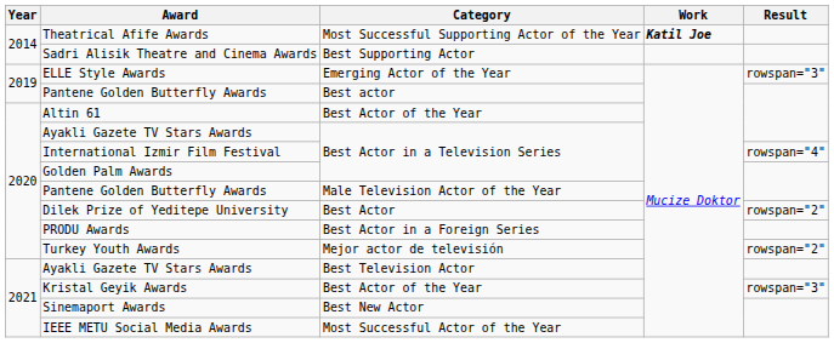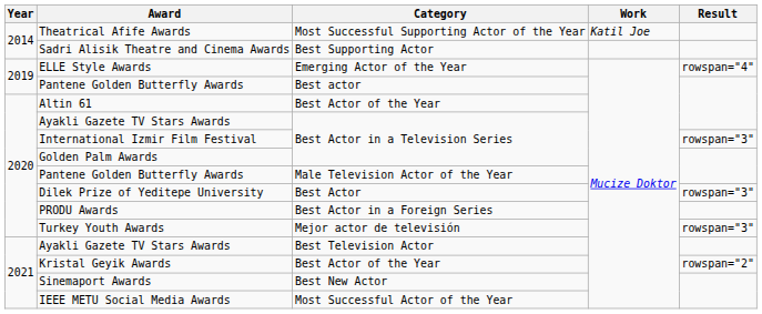 <table class="wikitable">
 <tr>
 <th>Year</th>
 <th>Award</th>
 <th>Category</th>
 <th>Work</th>
 <th>Result</th>
 </tr>
 <tr>
 <td rowspan="2">2014</td>
 <td>Theatrical Afife Awards</td>
 <td>Most Successful Supporting Actor of the Year</td>
-<td><strong><em>Katil Joe</em></strong></td>
+<td><em>Katil Joe</em></td>
 <td></td>
 </tr>
 <tr>
 <td>Sadri Alisik Theatre and Cinema Awards</td>
 <td>Best Supporting Actor</td>
 <td></td>
 <td></td>
 </tr>
 <tr>
 <td rowspan="2">2019</td>
 <td>ELLE Style Awards</td>
 <td>Emerging Actor of the Year</td>
 <td rowspan="14"><em><a href='#'>Mucize Doktor</a></em></td>
-<td>rowspan="3" </td>
+<td>rowspan="4" </td>
 </tr>
 <tr>
 <td>Pantene Golden Butterfly Awards</td>
 <td>Best actor</td>
 </tr>
 <tr>
 <td rowspan="8">2020</td>
 <td>Altin 61</td>
 <td>Best Actor of the Year</td>
 </tr>
 <tr>
 <td>Ayakli Gazete TV Stars Awards</td>
 <td rowspan="3">Best Actor in a Television Series</td>
 </tr>
 <tr>
 <td>International Izmir Film Festival</td>
-<td>rowspan="4" </td>
+<td>rowspan="3" </td>
 </tr>
 <tr>
 <td>Golden Palm Awards</td>
 </tr>
 <tr>
 <td>Pantene Golden Butterfly Awards</td>
 <td>Male Television Actor of the Year</td>
 </tr>
 <tr>
 <td>Dilek Prize of Yeditepe University</td>
 <td>Best Actor</td>
-<td>rowspan="2" </td>
+<td>rowspan="3" </td>
 </tr>
 <tr>
 <td>PRODU Awards</td>
 <td>Best Actor in a Foreign Series</td>
 </tr>
 <tr>
 <td>Turkey Youth Awards</td>
 <td>Mejor actor de televisión</td>
-<td>rowspan="2" </td>
+<td>rowspan="3" </td>
 </tr>
 <tr>
 <td rowspan="4">2021</td>
 <td>Ayakli Gazete TV Stars Awards</td>
 <td>Best Television Actor</td>
 </tr>
 <tr>
 <td>Kristal Geyik Awards</td>
 <td>Best Actor of the Year</td>
-<td>rowspan="3" </td>
+<td>rowspan="2" </td>
 </tr>
 <tr>
 <td>Sinemaport Awards</td>
 <td>Best New Actor</td>
 </tr>
 <tr>
 <td>IEEE METU Social Media Awards</td>
 <td>Most Successful Actor of the Year</td>
 </tr>
 </table>
